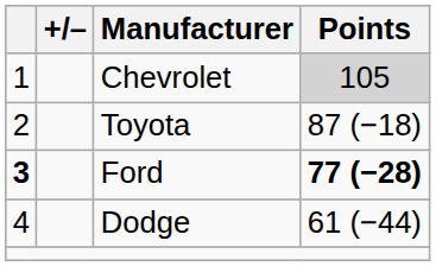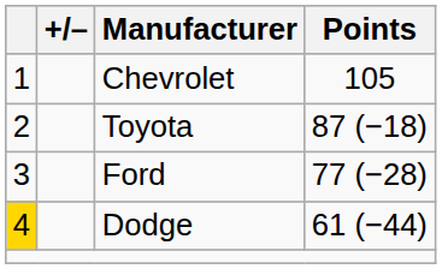 <table class="wikitable">
 <tr>
 <th scope="col"></th>
 <th scope="col">+/–</th>
 <th scope="col">Manufacturer</th>
 <th scope="col">Points</th>
 </tr>
 <tr>
 <td scope="row">1</td>
 <td align="left"></td>
 <td>Chevrolet</td>
-<td style="background: lightgrey; text-align:center;">105</td>
+<td style="text-align:center;">105</td>
 </tr>
 <tr>
 <td scope="row">2</td>
 <td align="left"></td>
 <td>Toyota</td>
 <td style="text-align:center;">87 (−18)</td>
 </tr>
 <tr>
-<td scope="row"><strong>3</strong></td>
+<td scope="row">3</td>
 <td align="left"></td>
 <td>Ford</td>
-<td style="text-align:center;"><strong>77 (−28)</strong></td>
+<td style="text-align:center;">77 (−28)</td>
 </tr>
 <tr>
-<td scope="row">4</td>
+<td scope="row" style="background: gold;">4</td>
 <td align="left"></td>
 <td>Dodge</td>
 <td style="text-align:center;">61 (−44)</td>
 </tr>
 <tr class="sortbottom">
 <td colspan="9"></td>
 </tr>
 </table>
